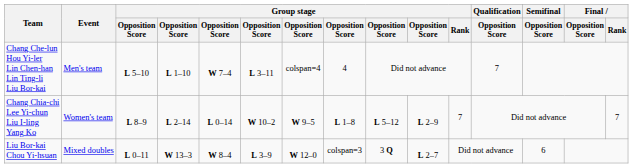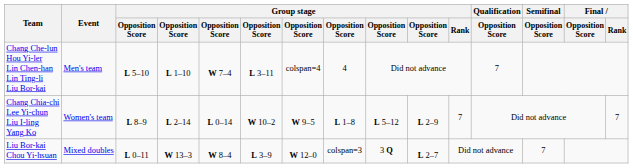 <table class=wikitable style=font-size:85%;text-align:center>
 <tr>
 <th rowspan=2>Team</th>
 <th rowspan=2>Event</th>
 <th colspan=9>Group stage</th>
 <th>Qualification</th>
 <th>Semifinal</th>
 <th colspan=2>Final / </th>
 </tr>
 <tr style=font-size:95%>
 <th>Opposition<br>Score</th>
 <th>Opposition<br>Score</th>
 <th>Opposition<br>Score</th>
 <th>Opposition<br>Score</th>
 <th>Opposition<br>Score</th>
 <th>Opposition<br>Score</th>
 <th>Opposition<br>Score</th>
 <th>Opposition<br>Score</th>
 <th>Rank</th>
 <th>Opposition<br>Score</th>
 <th>Opposition<br>Score</th>
 <th>Opposition<br>Score</th>
 <th>Rank</th>
 </tr>
 <tr>
 <td align=left><a href='#'>Chang Che-lun</a><br><a href='#'>Hou Yi-ler</a><br><a href='#'>Lin Chen-han</a><br><a href='#'>Lin Ting-li</a><br><a href='#'>Liu Bor-kai</a></td>
 <td align=left><a href='#'>Men's team</a></td>
 <td><br><strong>L</strong> 5–10</td>
 <td><br><strong>L</strong> 1–10</td>
 <td><br><strong>W</strong> 7–4</td>
 <td><br><strong>L</strong> 3–11</td>
 <td>colspan=4 </td>
 <td>4</td>
 <td colspan=3>Did not advance</td>
 <td>7</td>
 </tr>
 <tr>
 <td align=left><a href='#'>Chang Chia-chi</a><br><a href='#'>Lee Yi-chun</a><br><a href='#'>Liu I-ling</a><br><a href='#'>Yang Ko</a></td>
 <td align=left><a href='#'>Women's team</a></td>
 <td><br><strong>L</strong> 8–9</td>
 <td><br><strong>L</strong> 2–14</td>
 <td><br><strong>L</strong> 0–14</td>
 <td><br><strong>W</strong> 10–2</td>
 <td><br><strong>W</strong> 9–5</td>
 <td><br><strong>L</strong> 1–8</td>
 <td><br><strong>L</strong> 5–12</td>
 <td><br><strong>L</strong> 2–9</td>
 <td>7</td>
 <td colspan=3>Did not advance</td>
 <td>7</td>
 </tr>
 <tr>
 <td align=left><a href='#'>Liu Bor-kai</a><br><a href='#'>Chou Yi-hsuan</a></td>
 <td align=left><a href='#'>Mixed doubles</a></td>
 <td><br><strong>L</strong> 0–11</td>
 <td><br><strong>W</strong> 13–3</td>
 <td><br><strong>W</strong> 8–4</td>
 <td><br><strong>L</strong> 3–9</td>
 <td><br><strong>W</strong> 12–0</td>
 <td>colspan=3 </td>
 <td>3 <strong>Q</strong></td>
 <td><br><strong>L</strong> 2–7</td>
 <td colspan=2>Did not advance</td>
-<td>6</td>
+<td>7</td>
 </tr>
 </table>
